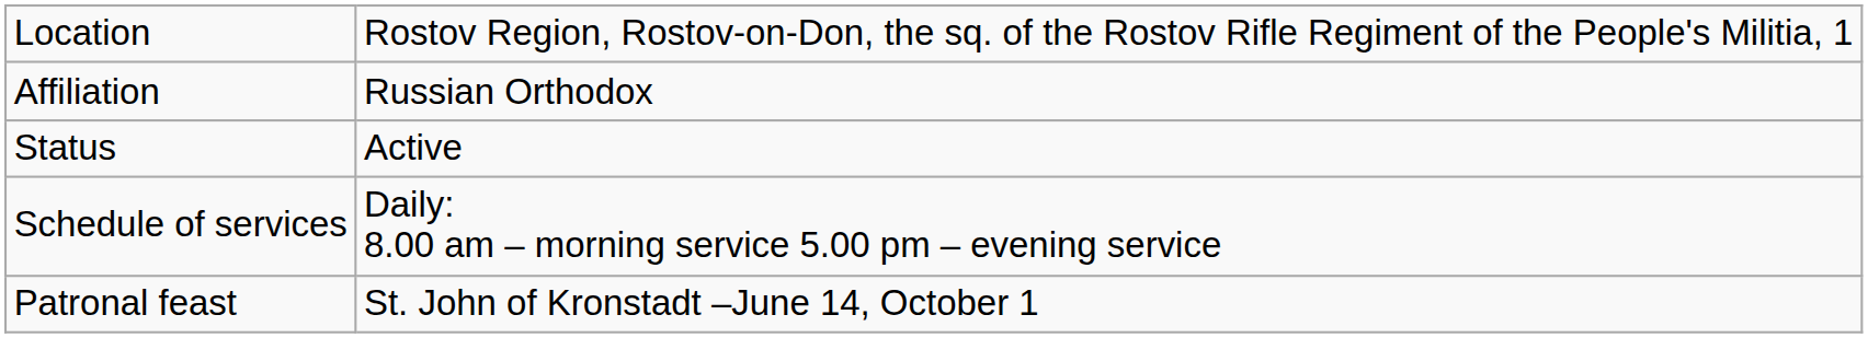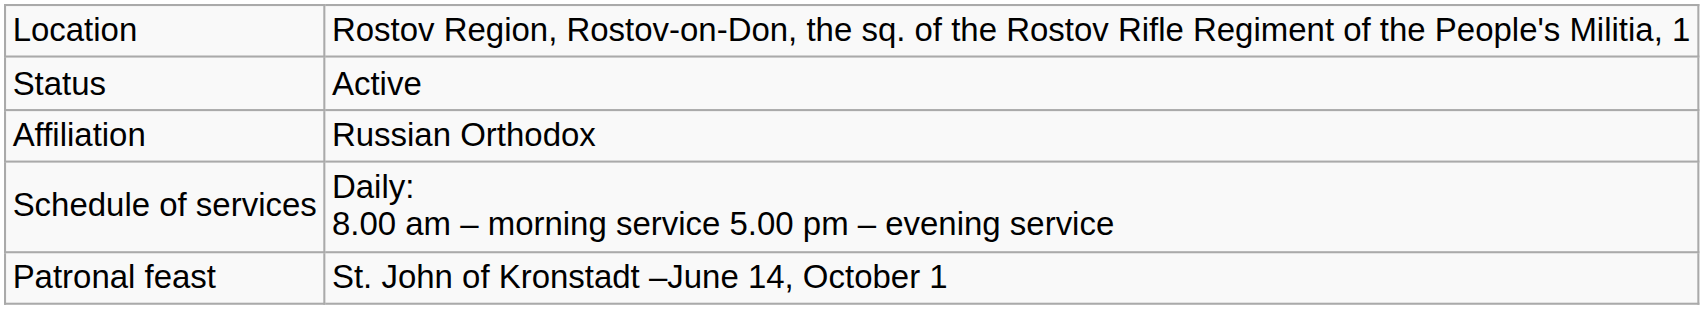 <table class="wikitable">
 <tr>
 <td>Location</td>
 <td>Rostov Region, Rostov-on-Don, the sq. of the Rostov Rifle Regiment of the People's Militia, 1</td>
 </tr>
 <tr>
+<td>Status</td>
+<td>Active</td>
+</tr>
+<tr>
 <td>Affiliation</td>
 <td>Russian Orthodox</td>
-</tr>
-<tr>
-<td>Status</td>
-<td>Active</td>
 </tr>
 <tr>
 <td>Schedule of services</td>
 <td>Daily:<br>8.00 am – morning service 5.00 pm – evening service</td>
 </tr>
 <tr>
 <td>Patronal feast</td>
 <td>St. John of Kronstadt –June 14, October 1</td>
 </tr>
 </table>
